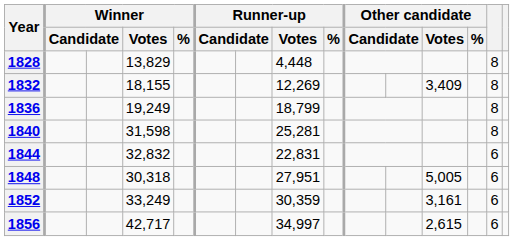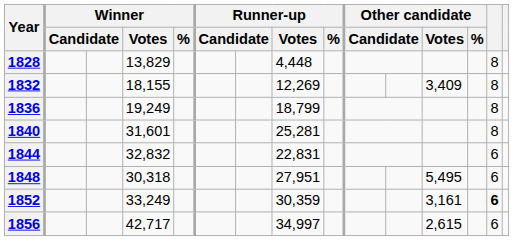 <table class="wikitable sortable">
 <tr>
 <th scope=col rowspan="2">Year</th>
 <th scope="colgroup" style="border-left:3px solid darkgray;" colspan="4">Winner</th>
 <th scope="colgroup" style="border-left:3px solid darkgray;" colspan="4">Runner-up</th>
 <th scope="colgroup" style="border-left:3px solid darkgray;" colspan="4">Other candidate</th>
 <th scope="col" class="unsortable" rowspan="2"></th>
 <th scope="col" class="unsortable" rowspan="2"></th>
 </tr>
 <tr>
 <th scope="colgroup" style="border-left:3px solid darkgray;" colspan="2">Candidate</th>
 <th scope="col" data-sort-type="number">Votes</th>
 <th scope="col"  data-sort-type="number">%</th>
 <th scope="colgroup" style="border-left:3px solid darkgray;" colspan="2">Candidate</th>
 <th scope="col"  data-sort-type="number">Votes</th>
 <th scope="col"  data-sort-type="number">%</th>
 <th scope="colgroup"  scope="col" style="border-left:3px solid darkgray;" colspan="2">Candidate</th>
 <th scope="col"  data-sort-type="number">Votes</th>
 <th scope="col"  data-sort-type="number">%</th>
 </tr>
 <tr>
 <th scope="row"> <a href='#'>1828</a></th>
 <td style="text-align:left; border-left:3px solid darkgray; background-color:"></td>
 <td><strong></strong> </td>
 <td>13,829</td>
 <td></td>
 <td style="text-align:left; border-left:3px solid darkgray; background-color:"></td>
 <td> </td>
 <td>4,448</td>
 <td></td>
 <td style="border-left:3px solid darkgray;"colspan="2"></td>
 <td></td>
 <td></td>
 <td>8</td>
 <td></td>
 </tr>
 <tr>
 <th scope="row"> <a href='#'>1832</a></th>
 <td style="text-align:left; border-left:3px solid darkgray; background-color:"></td>
 <td><strong></strong> </td>
 <td>18,155</td>
 <td></td>
 <td style="text-align:left; border-left:3px solid darkgray; background-color:"></td>
 <td> </td>
 <td>12,269</td>
 <td></td>
 <td style="text-align:left; border-left:3px solid darkgray; background-color:"></td>
 <td> </td>
 <td>3,409</td>
 <td></td>
 <td>8</td>
 <td></td>
 </tr>
 <tr>
 <th scope="row"> <a href='#'>1836</a></th>
 <td style="text-align:left; border-left:3px solid darkgray; background-color:"></td>
 <td><strong></strong> </td>
 <td>19,249</td>
 <td></td>
 <td style="text-align:left; border-left:3px solid darkgray; background-color:"></td>
 <td> </td>
 <td>18,799</td>
 <td></td>
 <td style="border-left:3px solid darkgray;"colspan="2"></td>
 <td></td>
 <td></td>
 <td>8</td>
 <td></td>
 </tr>
 <tr>
 <th scope="row"> <a href='#'>1840</a></th>
 <td style="text-align:left; border-left:3px solid darkgray; background-color:"></td>
 <td><strong></strong> </td>
-<td>31,598</td>
+<td>31,601</td>
 <td></td>
 <td style="text-align:left; border-left:3px solid darkgray; background-color:"></td>
 <td> </td>
 <td>25,281</td>
 <td></td>
 <td style="border-left:3px solid darkgray;"colspan="2"></td>
 <td></td>
 <td></td>
 <td>8</td>
 <td></td>
 </tr>
 <tr>
 <th scope="row"> <a href='#'>1844</a></th>
 <td style="text-align:left; border-left:3px solid darkgray; background-color:"></td>
 <td><strong></strong> </td>
 <td>32,832</td>
 <td></td>
 <td style="text-align:left; border-left:3px solid darkgray; background-color:"></td>
 <td> </td>
 <td>22,831</td>
 <td></td>
 <td style="border-left:3px solid darkgray;"colspan="2"></td>
 <td></td>
 <td></td>
 <td>6</td>
 <td></td>
 </tr>
 <tr>
 <th scope="row"> <a href='#'>1848</a></th>
 <td style="text-align:left; border-left:3px solid darkgray; background-color:"></td>
 <td><strong></strong> </td>
 <td>30,318</td>
 <td></td>
 <td style="text-align:left; border-left:3px solid darkgray; background-color:"></td>
 <td> </td>
 <td>27,951</td>
 <td></td>
 <td style="text-align:left; border-left:3px solid darkgray; background-color:"></td>
 <td> </td>
-<td>5,005</td>
+<td>5,495</td>
 <td></td>
 <td>6</td>
 <td></td>
 </tr>
 <tr>
 <th scope="row"> <a href='#'>1852</a></th>
 <td style="text-align:left; border-left:3px solid darkgray; background-color:"></td>
 <td><strong></strong> </td>
 <td>33,249</td>
 <td></td>
 <td style="text-align:left; border-left:3px solid darkgray; background-color:"></td>
 <td> </td>
 <td>30,359</td>
 <td></td>
 <td style="text-align:left; border-left:3px solid darkgray; background-color:"></td>
 <td> </td>
 <td>3,161</td>
 <td></td>
-<td>6</td>
+<td><strong>6</strong></td>
 <td></td>
 </tr>
 <tr>
 <th scope="row"> <a href='#'>1856</a></th>
 <td style="text-align:left; border-left:3px solid darkgray; background-color:"></td>
 <td><strong></strong> </td>
 <td>42,717</td>
 <td></td>
 <td style="text-align:left; border-left:3px solid darkgray; background-color:"></td>
 <td> </td>
 <td>34,997</td>
 <td></td>
 <td style="text-align:left; border-left:3px solid darkgray; background-color:"></td>
 <td> </td>
 <td>2,615</td>
 <td></td>
 <td>6</td>
 <td></td>
 </tr>
 </table>
